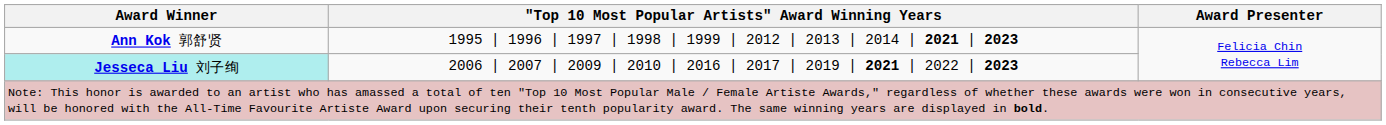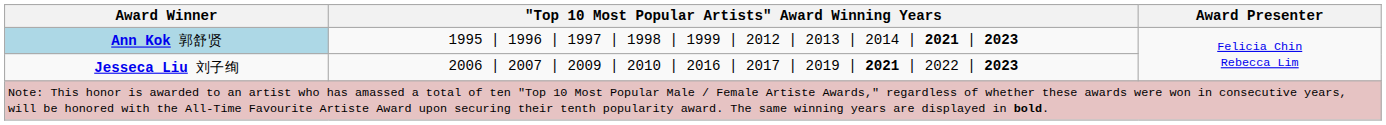 <table class="wikitable" width=100%>
 <tr>
 <th width=20%>Award Winner</th>
 <th width=50%>"Top 10 Most Popular Artists" Award Winning Years</th>
 <th width=15%>Award Presenter</th>
 </tr>
 <tr>
-<td align="center"><strong><a href='#'>Ann Kok</a></strong> 郭舒贤</td>
+<td align="center" style="background: lightblue;"><strong><a href='#'>Ann Kok</a></strong> 郭舒贤</td>
 <td scope="row" align="center">1995 | 1996 | 1997 | 1998 | 1999 | 2012 | 2013 | 2014 | <strong>2021</strong> | <strong>2023</strong></td>
 <td align=center rowspan=2><small><a href='#'>Felicia Chin</a> <br> <a href='#'>Rebecca Lim</a></small></td>
 </tr>
 <tr>
-<td align="center" style="background: paleturquoise;"><strong><a href='#'>Jesseca Liu</a></strong> 刘子绚</td>
+<td align="center"><strong><a href='#'>Jesseca Liu</a></strong> 刘子绚</td>
 <td scope="row" align="center">2006 | 2007 | 2009 | 2010 | 2016 | 2017 | 2019 | <strong>2021</strong> | 2022 | <strong>2023</strong></td>
 </tr>
 <tr>
 <td align=left bgcolor="#E6C3C3" colspan=3><small>Note: This honor is awarded to an artist who has amassed a total of ten "Top 10 Most Popular Male / Female Artiste Awards," regardless of whether these awards were won in consecutive years, will be honored with the All-Time Favourite Artiste Award upon securing their tenth popularity award. The same winning years are displayed in <strong>bold</strong>.</small></td>
 </tr>
 </table>
